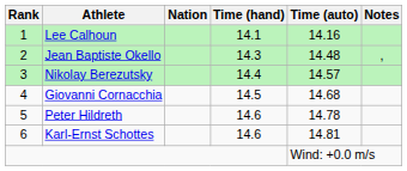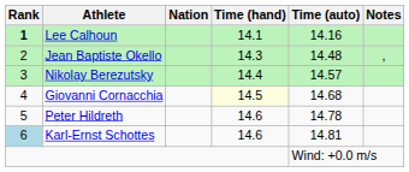 <table class="wikitable sortable" style="text-align:center">
 <tr>
 <th>Rank</th>
 <th>Athlete</th>
 <th>Nation</th>
 <th>Time (hand)</th>
 <th>Time (auto)</th>
 <th>Notes</th>
 </tr>
 <tr bgcolor=bbf3bb>
-<td>1</td>
+<td><strong>1</strong></td>
 <td align=left><a href='#'>Lee Calhoun</a></td>
 <td align=left></td>
 <td>14.1</td>
 <td>14.16</td>
 <td></td>
 </tr>
 <tr bgcolor=bbf3bb>
 <td>2</td>
 <td align=left><a href='#'>Jean Baptiste Okello</a></td>
 <td align=left></td>
 <td>14.3</td>
 <td>14.48</td>
 <td>, </td>
 </tr>
 <tr bgcolor=bbf3bb>
 <td>3</td>
 <td align=left><a href='#'>Nikolay Berezutsky</a></td>
 <td align=left></td>
 <td>14.4</td>
 <td>14.57</td>
 <td></td>
 </tr>
 <tr>
 <td>4</td>
 <td align=left><a href='#'>Giovanni Cornacchia</a></td>
 <td align=left></td>
-<td>14.5</td>
+<td style="background: lightyellow;">14.5</td>
 <td>14.68</td>
 <td></td>
 </tr>
 <tr>
 <td>5</td>
 <td align=left><a href='#'>Peter Hildreth</a></td>
 <td align=left></td>
 <td>14.6</td>
 <td>14.78</td>
 <td></td>
 </tr>
 <tr>
-<td>6</td>
+<td style="background: lightblue;">6</td>
 <td align=left><a href='#'>Karl-Ernst Schottes</a></td>
 <td align=left></td>
 <td>14.6</td>
 <td>14.81</td>
 <td></td>
 </tr>
 <tr class="sortbottom">
 <td colspan=4></td>
 <td colspan="2" style="text-align:left;">Wind: +0.0 m/s</td>
 </tr>
 </table>
